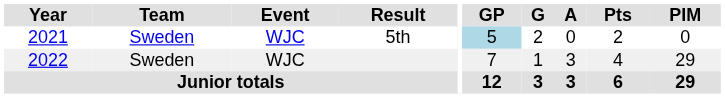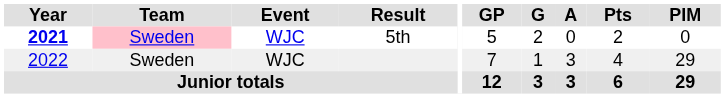 <table border="0" cellpadding="1" cellspacing="0" ID="Table3" style="text-align:center; width:40em">
 <tr ALIGN="center" bgcolor="#e0e0e0">
 <th>Year</th>
 <th>Team</th>
 <th>Event</th>
 <th>Result</th>
 <th rowspan="99" bgcolor="#ffffff"></th>
 <th>GP</th>
 <th>G</th>
 <th>A</th>
 <th>Pts</th>
 <th>PIM</th>
 </tr>
 <tr>
-<td><a href='#'>2021</a></td>
-<td><a href='#'>Sweden</a></td>
+<td><strong><a href='#'>2021</a></strong></td>
+<td style="background: pink;"><a href='#'>Sweden</a></td>
 <td><a href='#'>WJC</a></td>
 <td>5th</td>
-<td style="background: lightblue;">5</td>
+<td>5</td>
 <td>2</td>
 <td>0</td>
 <td>2</td>
 <td>0</td>
 </tr>
 <tr style="background:#f0f0f0;">
 <td><a href='#'>2022</a></td>
 <td>Sweden</td>
 <td>WJC</td>
 <td></td>
 <td>7</td>
 <td>1</td>
 <td>3</td>
 <td>4</td>
 <td>29</td>
 </tr>
 <tr bgcolor="#e0e0e0">
 <th colspan="4">Junior totals</th>
 <th>12</th>
 <th>3</th>
 <th>3</th>
 <th>6</th>
 <th>29</th>
 </tr>
 </table>
